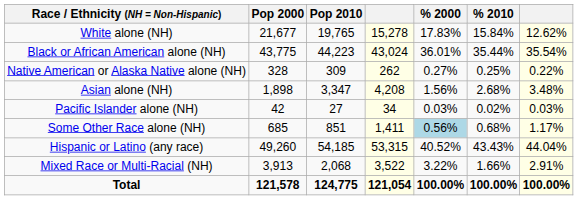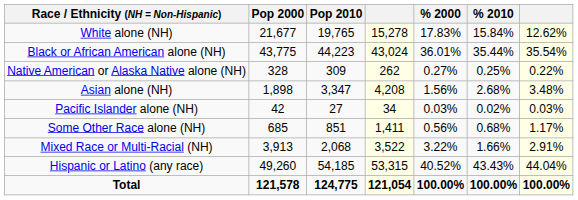 <table class="wikitable" style="text-align:center;">
 <tr>
 <th>Race / Ethnicity <small>(<em>NH = Non-Hispanic</em>)</small></th>
 <th>Pop 2000</th>
 <th>Pop 2010</th>
 <th></th>
 <th>% 2000</th>
 <th>% 2010</th>
 <th></th>
 </tr>
 <tr>
 <td><a href='#'>White</a> alone (NH)</td>
 <td>21,677</td>
 <td>19,765</td>
 <td style='background: #ffffe6;'>15,278</td>
 <td>17.83%</td>
 <td>15.84%</td>
 <td style='background: #ffffe6;'>12.62%</td>
 </tr>
 <tr>
 <td><a href='#'>Black or African American</a> alone (NH)</td>
 <td>43,775</td>
 <td>44,223</td>
 <td style='background: #ffffe6;'>43,024</td>
 <td>36.01%</td>
 <td>35.44%</td>
 <td style='background: #ffffe6;'>35.54%</td>
 </tr>
 <tr>
 <td><a href='#'>Native American</a> or <a href='#'>Alaska Native</a> alone (NH)</td>
 <td>328</td>
 <td>309</td>
 <td style='background: #ffffe6;'>262</td>
 <td>0.27%</td>
 <td>0.25%</td>
 <td style='background: #ffffe6;'>0.22%</td>
 </tr>
 <tr>
 <td><a href='#'>Asian</a> alone (NH)</td>
 <td>1,898</td>
 <td>3,347</td>
 <td style='background: #ffffe6;'>4,208</td>
 <td>1.56%</td>
 <td>2.68%</td>
 <td style='background: #ffffe6;'>3.48%</td>
 </tr>
 <tr>
 <td><a href='#'>Pacific Islander</a> alone (NH)</td>
 <td>42</td>
 <td>27</td>
 <td style='background: #ffffe6;'>34</td>
 <td>0.03%</td>
 <td>0.02%</td>
 <td style='background: #ffffe6;'>0.03%</td>
 </tr>
 <tr>
 <td><a href='#'>Some Other Race</a> alone (NH)</td>
 <td>685</td>
 <td>851</td>
 <td style='background: #ffffe6;'>1,411</td>
-<td style="background: lightblue;">0.56%</td>
+<td>0.56%</td>
 <td>0.68%</td>
 <td style='background: #ffffe6;'>1.17%</td>
+</tr>
+<tr>
+<td><a href='#'>Mixed Race or Multi-Racial</a> (NH)</td>
+<td>3,913</td>
+<td>2,068</td>
+<td style='background: #ffffe6;'>3,522</td>
+<td>3.22%</td>
+<td>1.66%</td>
+<td style='background: #ffffe6;'>2.91%</td>
 </tr>
 <tr>
 <td><a href='#'>Hispanic or Latino</a> (any race)</td>
 <td>49,260</td>
 <td>54,185</td>
 <td style='background: #ffffe6;'>53,315</td>
 <td>40.52%</td>
 <td>43.43%</td>
 <td style='background: #ffffe6;'>44.04%</td>
 </tr>
 <tr>
-<td><a href='#'>Mixed Race or Multi-Racial</a> (NH)</td>
-<td>3,913</td>
-<td>2,068</td>
-<td style='background: #ffffe6;'>3,522</td>
-<td>3.22%</td>
-<td>1.66%</td>
-<td style='background: #ffffe6;'>2.91%</td>
-</tr>
-<tr>
 <td><strong>Total</strong></td>
 <td><strong>121,578</strong></td>
 <td><strong>124,775</strong></td>
 <td style='background: #ffffe6;'><strong>121,054</strong></td>
 <td><strong>100.00%</strong></td>
 <td><strong>100.00%</strong></td>
 <td style='background: #ffffe6;'><strong>100.00%</strong></td>
 </tr>
 </table>
